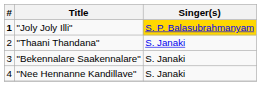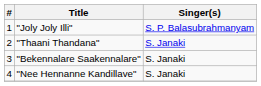 <table class="wikitable" style="font-size:95%;">
 <tr>
 <th>#</th>
 <th>Title</th>
 <th>Singer(s)</th>
 </tr>
 <tr>
-<td><strong>1</strong></td>
+<td>1</td>
 <td>"Joly Joly Illi"</td>
-<td style="background: gold;"><a href='#'>S. P. Balasubrahmanyam</a></td>
+<td><a href='#'>S. P. Balasubrahmanyam</a></td>
 </tr>
 <tr>
 <td>2</td>
 <td>"Thaani Thandana"</td>
 <td><a href='#'>S. Janaki</a></td>
 </tr>
 <tr>
 <td>3</td>
 <td>"Bekennalare Saakennalare"</td>
 <td>S. Janaki</td>
 </tr>
 <tr>
 <td>4</td>
 <td>"Nee Hennanne Kandillave"</td>
 <td>S. Janaki</td>
 </tr>
 <tr>
 </tr>
 </table>
